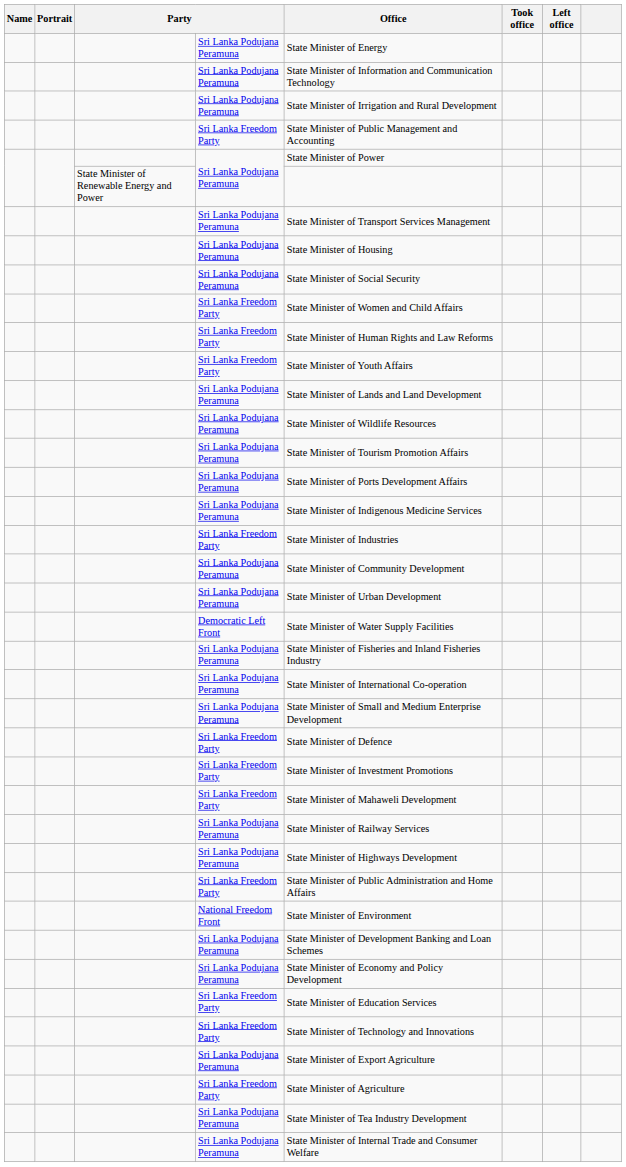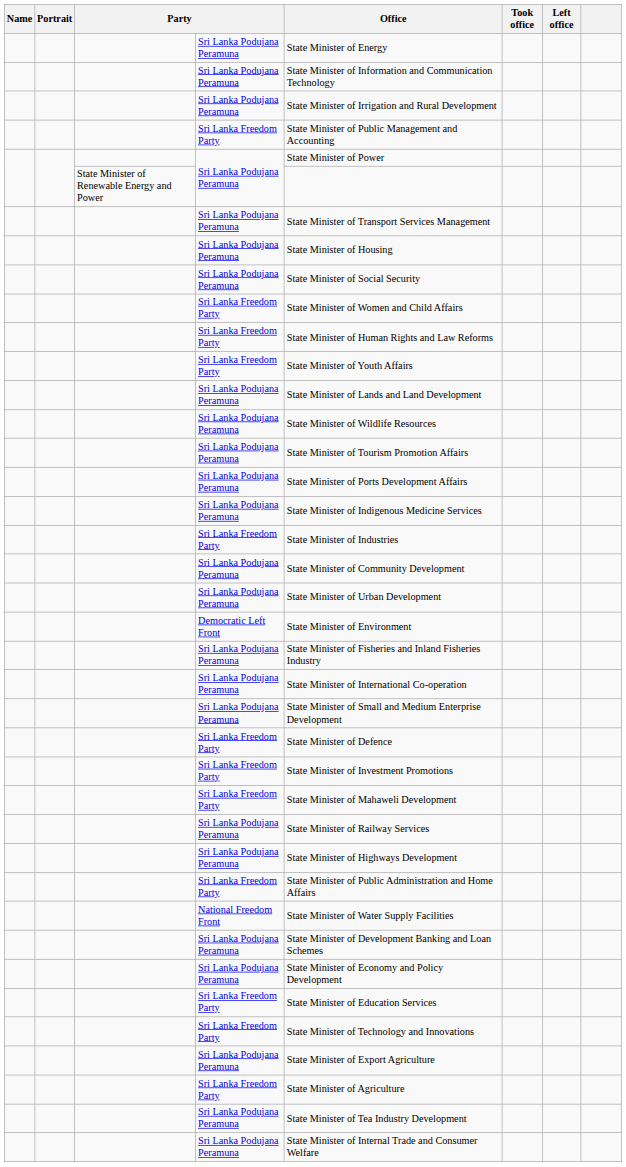 <table class="wikitable plainrowheaders sortable" style="font-size:90%; text-align:left;">
 <tr>
 <th scope=col>Name</th>
 <th scope=col class=unsortable>Portrait</th>
 <th scope=col colspan="2">Party</th>
 <th scope=col width=300px>Office</th>
 <th scope=col>Took office</th>
 <th scope=col>Left office</th>
 <th scope=col width=50px class=unsortable></th>
 </tr>
 <tr>
 <td></td>
 <td align=center></td>
 <td !align="center" style="background:"></td>
 <td><a href='#'>Sri Lanka Podujana Peramuna</a></td>
 <td>State Minister of Energy</td>
 <td align=center></td>
 <td align=center></td>
 <td align=center></td>
 </tr>
 <tr>
 <td></td>
 <td align=center></td>
 <td !align="center" style="background:"></td>
 <td><a href='#'>Sri Lanka Podujana Peramuna</a></td>
 <td>State Minister of Information and Communication Technology</td>
 <td align=center></td>
 <td align=center></td>
 <td align=center></td>
 </tr>
 <tr>
 <td></td>
 <td align=center></td>
 <td !align="center" style="background:"></td>
 <td><a href='#'>Sri Lanka Podujana Peramuna</a></td>
 <td>State Minister of Irrigation and Rural Development</td>
 <td align=center></td>
 <td align=center></td>
 <td align=center></td>
 </tr>
 <tr>
 <td></td>
 <td align=center></td>
 <td !align="center" style="background:"></td>
 <td><a href='#'>Sri Lanka Freedom Party</a></td>
 <td>State Minister of Public Management and Accounting</td>
 <td align=center></td>
 <td align=center></td>
 <td align=center></td>
 </tr>
 <tr>
 <td rowspan=2></td>
 <td align=center rowspan=2></td>
 <td !align="center" style="background:"></td>
 <td rowspan=2><a href='#'>Sri Lanka Podujana Peramuna</a></td>
 <td>State Minister of Power</td>
 <td align=center></td>
 <td align=center></td>
 <td align=center></td>
 </tr>
 <tr>
 <td>State Minister of Renewable Energy and Power</td>
 <td align=center></td>
 <td align=center></td>
 <td align=center></td>
 </tr>
 <tr>
 <td></td>
 <td align=center></td>
 <td !align="center" style="background:"></td>
 <td><a href='#'>Sri Lanka Podujana Peramuna</a></td>
 <td>State Minister of Transport Services Management</td>
 <td align=center></td>
 <td align=center></td>
 <td align=center></td>
 </tr>
 <tr>
 <td></td>
 <td align=center></td>
 <td !align="center" style="background:"></td>
 <td><a href='#'>Sri Lanka Podujana Peramuna</a></td>
 <td>State Minister of Housing</td>
 <td align=center></td>
 <td align=center></td>
 <td align=center></td>
 </tr>
 <tr>
 <td></td>
 <td align=center></td>
 <td !align="center" style="background:"></td>
 <td><a href='#'>Sri Lanka Podujana Peramuna</a></td>
 <td>State Minister of Social Security</td>
 <td align=center></td>
 <td align=center></td>
 <td align=center></td>
 </tr>
 <tr>
 <td></td>
 <td align=center></td>
 <td !align="center" style="background:"></td>
 <td><a href='#'>Sri Lanka Freedom Party</a></td>
 <td>State Minister of Women and Child Affairs</td>
 <td align=center></td>
 <td align=center></td>
 <td align=center></td>
 </tr>
 <tr>
 <td></td>
 <td align=center></td>
 <td !align="center" style="background:"></td>
 <td><a href='#'>Sri Lanka Freedom Party</a></td>
 <td>State Minister of Human Rights and Law Reforms</td>
 <td align=center></td>
 <td align=center></td>
 <td align=center></td>
 </tr>
 <tr>
 <td></td>
 <td align=center></td>
 <td !align="center" style="background:"></td>
 <td><a href='#'>Sri Lanka Freedom Party</a></td>
 <td>State Minister of Youth Affairs</td>
 <td align=center></td>
 <td align=center></td>
 <td align=center></td>
 </tr>
 <tr>
 <td></td>
 <td align=center></td>
 <td !align="center" style="background:"></td>
 <td><a href='#'>Sri Lanka Podujana Peramuna</a></td>
 <td>State Minister of Lands and Land Development</td>
 <td align=center></td>
 <td align=center></td>
 <td align=center></td>
 </tr>
 <tr>
 <td></td>
 <td align=center></td>
 <td !align="center" style="background:"></td>
 <td><a href='#'>Sri Lanka Podujana Peramuna</a></td>
 <td>State Minister of Wildlife Resources</td>
 <td align=center></td>
 <td align=center></td>
 <td align=center></td>
 </tr>
 <tr>
 <td></td>
 <td align=center></td>
 <td !align="center" style="background:"></td>
 <td><a href='#'>Sri Lanka Podujana Peramuna</a></td>
 <td>State Minister of Tourism Promotion Affairs</td>
 <td align=center></td>
 <td align=center></td>
 <td align=center></td>
 </tr>
 <tr>
 <td></td>
 <td align=center></td>
 <td !align="center" style="background:"></td>
 <td><a href='#'>Sri Lanka Podujana Peramuna</a></td>
 <td>State Minister of Ports Development Affairs</td>
 <td align=center></td>
 <td align=center></td>
 <td align=center></td>
 </tr>
 <tr>
 <td></td>
 <td align=center></td>
 <td !align="center" style="background:"></td>
 <td><a href='#'>Sri Lanka Podujana Peramuna</a></td>
 <td>State Minister of Indigenous Medicine Services</td>
 <td align=center></td>
 <td align=center></td>
 <td align=center></td>
 </tr>
 <tr>
 <td></td>
 <td align=center></td>
 <td !align="center" style="background:"></td>
 <td><a href='#'>Sri Lanka Freedom Party</a></td>
 <td>State Minister of Industries</td>
 <td align=center></td>
 <td align=center></td>
 <td align=center></td>
 </tr>
 <tr>
 <td></td>
 <td align=center></td>
 <td !align="center" style="background:"></td>
 <td><a href='#'>Sri Lanka Podujana Peramuna</a></td>
 <td>State Minister of Community Development</td>
 <td align=center></td>
 <td align=center></td>
 <td align=center></td>
 </tr>
 <tr>
 <td></td>
 <td align=center></td>
 <td !align="center" style="background:"></td>
 <td><a href='#'>Sri Lanka Podujana Peramuna</a></td>
 <td>State Minister of Urban Development</td>
 <td align=center></td>
 <td align=center></td>
 <td align=center></td>
 </tr>
 <tr>
 <td></td>
 <td align=center></td>
 <td !align="center" style="background:"></td>
 <td><a href='#'>Democratic Left Front</a></td>
-<td>State Minister of Water Supply Facilities</td>
+<td>State Minister of Environment</td>
 <td align=center></td>
 <td align=center></td>
 <td align=center></td>
 </tr>
 <tr>
 <td></td>
 <td align=center></td>
 <td !align="center" style="background:"></td>
 <td><a href='#'>Sri Lanka Podujana Peramuna</a></td>
 <td>State Minister of Fisheries and Inland Fisheries Industry</td>
 <td align=center></td>
 <td align=center></td>
 <td align=center></td>
 </tr>
 <tr>
 <td></td>
 <td align=center></td>
 <td !align="center" style="background:"></td>
 <td><a href='#'>Sri Lanka Podujana Peramuna</a></td>
 <td>State Minister of International Co-operation</td>
 <td align=center></td>
 <td align=center></td>
 <td align=center></td>
 </tr>
 <tr>
 <td></td>
 <td align=center></td>
 <td !align="center" style="background:"></td>
 <td><a href='#'>Sri Lanka Podujana Peramuna</a></td>
 <td>State Minister of Small and Medium Enterprise Development</td>
 <td align=center></td>
 <td align=center></td>
 <td align=center></td>
 </tr>
 <tr>
 <td></td>
 <td align=center></td>
 <td !align="center" style="background:"></td>
 <td><a href='#'>Sri Lanka Freedom Party</a></td>
 <td>State Minister of Defence</td>
 <td align=center></td>
 <td align=center></td>
 <td align=center></td>
 </tr>
 <tr>
 <td></td>
 <td align=center></td>
 <td !align="center" style="background:"></td>
 <td><a href='#'>Sri Lanka Freedom Party</a></td>
 <td>State Minister of Investment Promotions</td>
 <td align=center></td>
 <td align=center></td>
 <td align=center></td>
 </tr>
 <tr>
 <td></td>
 <td align=center></td>
 <td !align="center" style="background:"></td>
 <td><a href='#'>Sri Lanka Freedom Party</a></td>
 <td>State Minister of Mahaweli Development</td>
 <td align=center></td>
 <td align=center></td>
 <td align=center></td>
 </tr>
 <tr>
 <td></td>
 <td align=center></td>
 <td !align="center" style="background:"></td>
 <td><a href='#'>Sri Lanka Podujana Peramuna</a></td>
 <td>State Minister of Railway Services</td>
 <td align=center></td>
 <td align=center></td>
 <td align=center></td>
 </tr>
 <tr>
 <td></td>
 <td align=center></td>
 <td !align="center" style="background:"></td>
 <td><a href='#'>Sri Lanka Podujana Peramuna</a></td>
 <td>State Minister of Highways Development</td>
 <td align=center></td>
 <td align=center></td>
 <td align=center></td>
 </tr>
 <tr>
 <td></td>
 <td></td>
 <td align="center" style="background:"></td>
 <td><a href='#'>Sri Lanka Freedom Party</a></td>
 <td>State Minister of Public Administration and Home Affairs</td>
 <td align=center></td>
 <td align=center></td>
 <td align=center></td>
 </tr>
 <tr>
 <td></td>
 <td align=center></td>
 <td !align="center" style="background:"></td>
 <td><a href='#'>National Freedom Front</a></td>
-<td>State Minister of Environment</td>
+<td>State Minister of Water Supply Facilities</td>
 <td align=center></td>
 <td align=center></td>
 <td align=center></td>
 </tr>
 <tr>
 <td></td>
 <td align=center></td>
 <td !align="center" style="background:"></td>
 <td><a href='#'>Sri Lanka Podujana Peramuna</a></td>
 <td>State Minister of Development Banking and Loan Schemes</td>
 <td align=center></td>
 <td align=center></td>
 <td align=center></td>
 </tr>
 <tr>
 <td></td>
 <td align=center></td>
 <td !align="center" style="background:"></td>
 <td><a href='#'>Sri Lanka Podujana Peramuna</a></td>
 <td>State Minister of Economy and Policy Development</td>
 <td align=center></td>
 <td align=center></td>
 <td align=center></td>
 </tr>
 <tr>
 <td></td>
 <td align=center></td>
 <td !align="center" style="background:"></td>
 <td><a href='#'>Sri Lanka Freedom Party</a></td>
 <td>State Minister of Education Services</td>
 <td align=center></td>
 <td align=center></td>
 <td align=center></td>
 </tr>
 <tr>
 <td></td>
 <td align=center></td>
 <td !align="center" style="background:"></td>
 <td><a href='#'>Sri Lanka Freedom Party</a></td>
 <td>State Minister of Technology and Innovations</td>
 <td align=center></td>
 <td align=center></td>
 <td align=center></td>
 </tr>
 <tr>
 <td></td>
 <td align=center></td>
 <td !align="center" style="background:"></td>
 <td><a href='#'>Sri Lanka Podujana Peramuna</a></td>
 <td>State Minister of Export Agriculture</td>
 <td align=center></td>
 <td align=center></td>
 <td align=center></td>
 </tr>
 <tr>
 <td></td>
 <td align=center></td>
 <td !align="center" style="background:"></td>
 <td><a href='#'>Sri Lanka Freedom Party</a></td>
 <td>State Minister of Agriculture</td>
 <td align=center></td>
 <td align=center></td>
 <td align=center></td>
 </tr>
 <tr>
 <td></td>
 <td align=center></td>
 <td !align="center" style="background:"></td>
 <td><a href='#'>Sri Lanka Podujana Peramuna</a></td>
 <td>State Minister of Tea Industry Development</td>
 <td align=center></td>
 <td align=center></td>
 <td align=center></td>
 </tr>
 <tr>
 <td></td>
 <td align=center></td>
 <td !align="center" style="background:"></td>
 <td><a href='#'>Sri Lanka Podujana Peramuna</a></td>
 <td>State Minister of Internal Trade and Consumer Welfare</td>
 <td align=center></td>
 <td align=center></td>
 <td align=center></td>
 </tr>
 </table>
